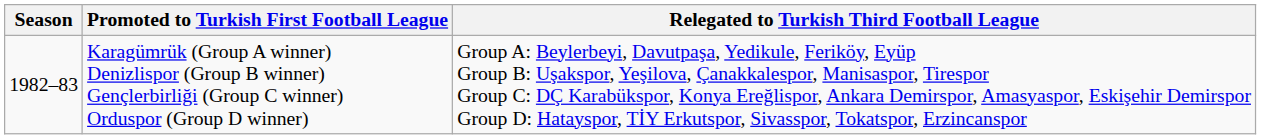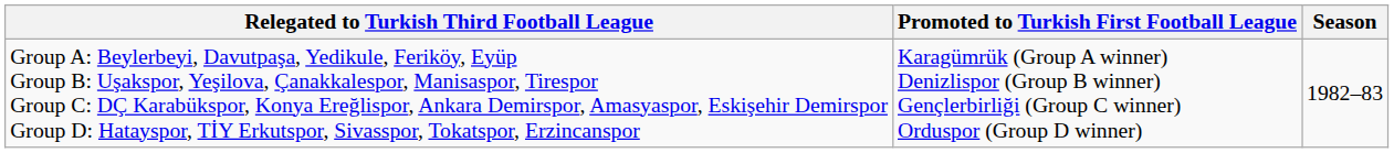 <table class="wikitable">
 <tr>
+<th>Relegated to <a href='#'>Turkish Third Football League</a></th>
+<th>Promoted to <a href='#'>Turkish First Football League</a></th>
 <th>Season</th>
-<th>Promoted to <a href='#'>Turkish First Football League</a></th>
-<th>Relegated to <a href='#'>Turkish Third Football League</a></th>
 </tr>
 <tr>
+<td>Group A: <a href='#'>Beylerbeyi</a>, <a href='#'>Davutpaşa</a>, <a href='#'>Yedikule</a>, <a href='#'>Feriköy</a>, <a href='#'>Eyüp</a><br>Group B: <a href='#'>Uşakspor</a>, <a href='#'>Yeşilova</a>, <a href='#'>Çanakkalespor</a>, <a href='#'>Manisaspor</a>, <a href='#'>Tirespor</a><br>Group C: <a href='#'>DÇ Karabükspor</a>, <a href='#'>Konya Ereğlispor</a>, <a href='#'>Ankara Demirspor</a>, <a href='#'>Amasyaspor</a>, <a href='#'>Eskişehir Demirspor</a><br>Group D: <a href='#'>Hatayspor</a>, <a href='#'>TİY Erkutspor</a>, <a href='#'>Sivasspor</a>, <a href='#'>Tokatspor</a>, <a href='#'>Erzincanspor</a></td>
+<td><a href='#'>Karagümrük</a> (Group A winner)<br><a href='#'>Denizlispor</a> (Group B winner)<br><a href='#'>Gençlerbirliği</a> (Group C winner)<br><a href='#'>Orduspor</a> (Group D winner)</td>
 <td>1982–83</td>
-<td><a href='#'>Karagümrük</a> (Group A winner)<br><a href='#'>Denizlispor</a> (Group B winner)<br><a href='#'>Gençlerbirliği</a> (Group C winner)<br><a href='#'>Orduspor</a> (Group D winner)</td>
-<td>Group A: <a href='#'>Beylerbeyi</a>, <a href='#'>Davutpaşa</a>, <a href='#'>Yedikule</a>, <a href='#'>Feriköy</a>, <a href='#'>Eyüp</a><br>Group B: <a href='#'>Uşakspor</a>, <a href='#'>Yeşilova</a>, <a href='#'>Çanakkalespor</a>, <a href='#'>Manisaspor</a>, <a href='#'>Tirespor</a><br>Group C: <a href='#'>DÇ Karabükspor</a>, <a href='#'>Konya Ereğlispor</a>, <a href='#'>Ankara Demirspor</a>, <a href='#'>Amasyaspor</a>, <a href='#'>Eskişehir Demirspor</a><br>Group D: <a href='#'>Hatayspor</a>, <a href='#'>TİY Erkutspor</a>, <a href='#'>Sivasspor</a>, <a href='#'>Tokatspor</a>, <a href='#'>Erzincanspor</a></td>
 </tr>
 </table>
